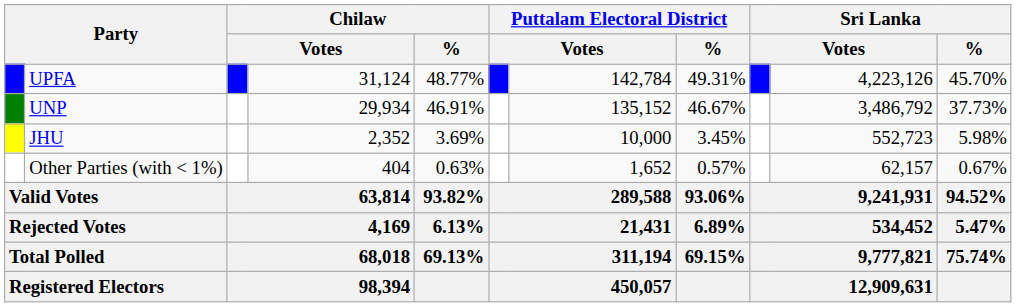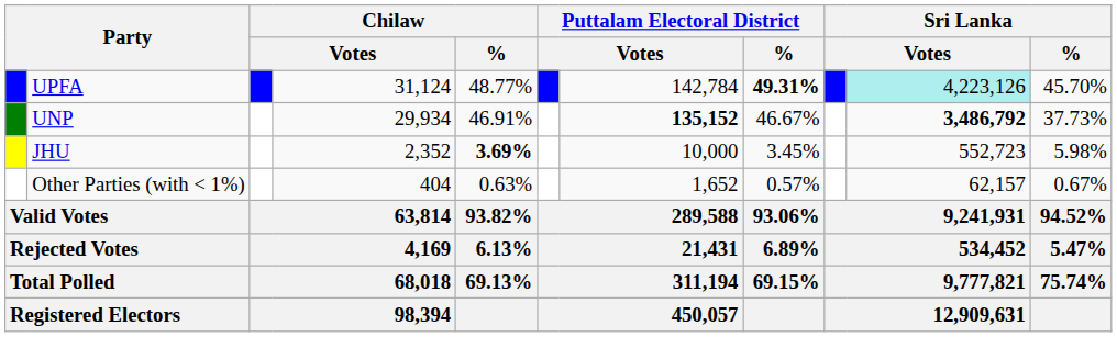 <table class="wikitable">
 <tr>
 <th colspan="2" width="144px"rowspan="2">Party</th>
 <th colspan="3" width="216px">Chilaw</th>
 <th colspan="3" width="216px"><a href='#'>Puttalam Electoral District</a></th>
 <th colspan="3" width="216px">Sri Lanka</th>
 </tr>
 <tr>
 <th colspan="2" width="144px">Votes</th>
 <th>%</th>
 <th colspan="2" width="144px">Votes</th>
 <th>%</th>
 <th colspan="2" width="144px">Votes</th>
 <th>%</th>
 </tr>
 <tr>
 <td style="background-color:blue;" width="10px"></td>
 <td style="text-align:left;"><a href='#'>UPFA</a></td>
 <td style="background-color:blue;" width="10px"></td>
 <td style="text-align:right;">31,124</td>
 <td style="text-align:right;">48.77%</td>
 <td style="background-color:blue;" width="10px"></td>
 <td style="text-align:right;">142,784</td>
-<td style="text-align:right;">49.31%</td>
+<td style="text-align:right;"><strong>49.31%</strong></td>
 <td style="background-color:blue;" width="10px"></td>
-<td style="text-align:right;">4,223,126</td>
+<td style="background: paleturquoise; text-align:right;">4,223,126</td>
 <td style="text-align:right;">45.70%</td>
 </tr>
 <tr>
 <td style="background-color:green;" width="10px"></td>
 <td style="text-align:left;"><a href='#'>UNP</a></td>
 <td style="background-color:white;" width="10px"></td>
 <td style="text-align:right;">29,934</td>
 <td style="text-align:right;">46.91%</td>
 <td style="background-color:white;" width="10px"></td>
-<td style="text-align:right;">135,152</td>
+<td style="text-align:right;"><strong>135,152</strong></td>
 <td style="text-align:right;">46.67%</td>
 <td style="background-color:white;" width="10px"></td>
-<td style="text-align:right;">3,486,792</td>
+<td style="text-align:right;"><strong>3,486,792</strong></td>
 <td style="text-align:right;">37.73%</td>
 </tr>
 <tr>
 <td style="background-color:yellow;" width="10px"></td>
 <td style="text-align:left;"><a href='#'>JHU</a></td>
 <td style="background-color:white;" width="10px"></td>
 <td style="text-align:right;">2,352</td>
-<td style="text-align:right;">3.69%</td>
+<td style="text-align:right;"><strong>3.69%</strong></td>
 <td style="background-color:white;" width="10px"></td>
 <td style="text-align:right;">10,000</td>
 <td style="text-align:right;">3.45%</td>
 <td style="background-color:white;" width="10px"></td>
 <td style="text-align:right;">552,723</td>
 <td style="text-align:right;">5.98%</td>
 </tr>
 <tr>
 <td style="background-color:white;" width="10px"></td>
 <td style="text-align:left;">Other Parties (with < 1%)</td>
 <td style="background-color:white;" width="10px"></td>
 <td style="text-align:right;">404</td>
 <td style="text-align:right;">0.63%</td>
 <td style="background-color:white;" width="10px"></td>
 <td style="text-align:right;">1,652</td>
 <td style="text-align:right;">0.57%</td>
 <td style="background-color:white;" width="10px"></td>
 <td style="text-align:right;">62,157</td>
 <td style="text-align:right;">0.67%</td>
 </tr>
 <tr>
 <th colspan="2" width="144px"style="text-align:left;">Valid Votes</th>
 <th style="text-align:right;"colspan="2" width="144px">63,814</th>
 <th style="text-align:right;">93.82%</th>
 <th style="text-align:right;"colspan="2" width="144px">289,588</th>
 <th style="text-align:right;">93.06%</th>
 <th style="text-align:right;"colspan="2" width="144px">9,241,931</th>
 <th style="text-align:right;">94.52%</th>
 </tr>
 <tr>
 <th colspan="2" width="144px"style="text-align:left;">Rejected Votes</th>
 <th style="text-align:right;"colspan="2" width="144px">4,169</th>
 <th style="text-align:right;">6.13%</th>
 <th style="text-align:right;"colspan="2" width="144px">21,431</th>
 <th style="text-align:right;">6.89%</th>
 <th style="text-align:right;"colspan="2" width="144px">534,452</th>
 <th style="text-align:right;">5.47%</th>
 </tr>
 <tr>
 <th colspan="2" width="144px"style="text-align:left;">Total Polled</th>
 <th style="text-align:right;"colspan="2" width="144px">68,018</th>
 <th style="text-align:right;">69.13%</th>
 <th style="text-align:right;"colspan="2" width="144px">311,194</th>
 <th style="text-align:right;">69.15%</th>
 <th style="text-align:right;"colspan="2" width="144px">9,777,821</th>
 <th style="text-align:right;">75.74%</th>
 </tr>
 <tr>
 <th colspan="2" width="144px"style="text-align:left;">Registered Electors</th>
 <th style="text-align:right;"colspan="2" width="144px">98,394</th>
 <th></th>
 <th style="text-align:right;"colspan="2" width="144px">450,057</th>
 <th></th>
 <th style="text-align:right;"colspan="2" width="144px">12,909,631</th>
 <th></th>
 </tr>
 </table>
